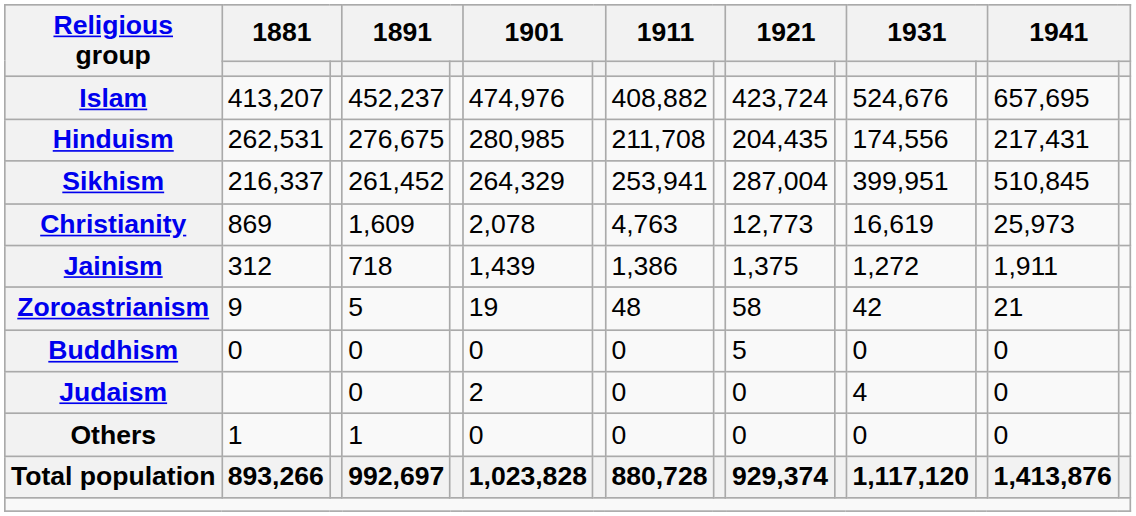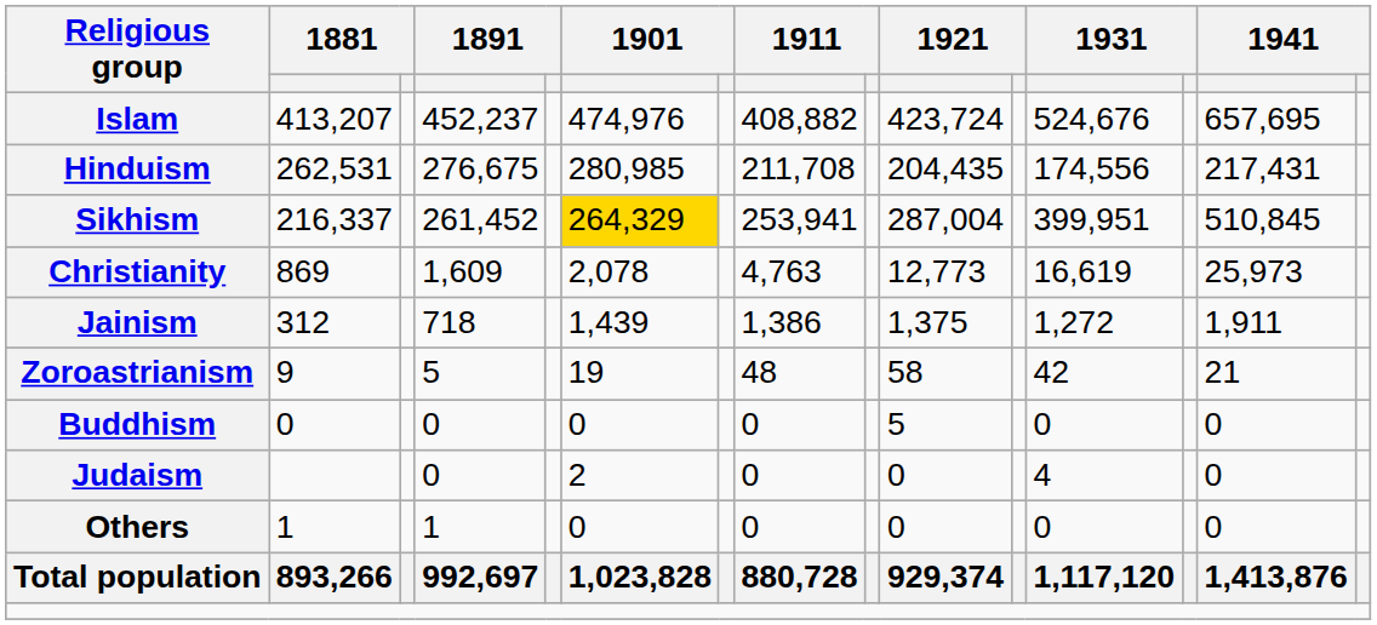 <table class="wikitable sortable">
 <tr>
 <th rowspan="2"><a href='#'>Religious</a><br>group</th>
 <th colspan="2">1881</th>
 <th colspan="2">1891</th>
 <th colspan="2">1901</th>
 <th colspan="2">1911</th>
 <th colspan="2">1921</th>
 <th colspan="2">1931</th>
 <th colspan="2">1941</th>
 </tr>
 <tr>
 <th><a href='#'></a></th>
 <th></th>
 <th></th>
 <th></th>
 <th></th>
 <th></th>
 <th></th>
 <th></th>
 <th></th>
 <th></th>
 <th></th>
 <th></th>
 <th></th>
 <th></th>
 </tr>
 <tr>
 <th><a href='#'>Islam</a> </th>
 <td>413,207</td>
 <td></td>
 <td>452,237</td>
 <td></td>
 <td>474,976</td>
 <td></td>
 <td>408,882</td>
 <td></td>
 <td>423,724</td>
 <td></td>
 <td>524,676</td>
 <td></td>
 <td>657,695</td>
 <td></td>
 </tr>
 <tr>
 <th><a href='#'>Hinduism</a> </th>
 <td>262,531</td>
 <td></td>
 <td>276,675</td>
 <td></td>
 <td>280,985</td>
 <td></td>
 <td>211,708</td>
 <td></td>
 <td>204,435</td>
 <td></td>
 <td>174,556</td>
 <td></td>
 <td>217,431</td>
 <td></td>
 </tr>
 <tr>
 <th><a href='#'>Sikhism</a> </th>
 <td>216,337</td>
 <td></td>
 <td>261,452</td>
 <td></td>
-<td>264,329</td>
+<td style="background: gold;">264,329</td>
 <td></td>
 <td>253,941</td>
 <td></td>
 <td>287,004</td>
 <td></td>
 <td>399,951</td>
 <td></td>
 <td>510,845</td>
 <td></td>
 </tr>
 <tr>
 <th><a href='#'>Christianity</a> </th>
 <td>869</td>
 <td></td>
 <td>1,609</td>
 <td></td>
 <td>2,078</td>
 <td></td>
 <td>4,763</td>
 <td></td>
 <td>12,773</td>
 <td></td>
 <td>16,619</td>
 <td></td>
 <td>25,973</td>
 <td></td>
 </tr>
 <tr>
 <th><a href='#'>Jainism</a> </th>
 <td>312</td>
 <td></td>
 <td>718</td>
 <td></td>
 <td>1,439</td>
 <td></td>
 <td>1,386</td>
 <td></td>
 <td>1,375</td>
 <td></td>
 <td>1,272</td>
 <td></td>
 <td>1,911</td>
 <td></td>
 </tr>
 <tr>
 <th><a href='#'>Zoroastrianism</a> </th>
 <td>9</td>
 <td></td>
 <td>5</td>
 <td></td>
 <td>19</td>
 <td></td>
 <td>48</td>
 <td></td>
 <td>58</td>
 <td></td>
 <td>42</td>
 <td></td>
 <td>21</td>
 <td></td>
 </tr>
 <tr>
 <th><a href='#'>Buddhism</a> </th>
 <td>0</td>
 <td></td>
 <td>0</td>
 <td></td>
 <td>0</td>
 <td></td>
 <td>0</td>
 <td></td>
 <td>5</td>
 <td></td>
 <td>0</td>
 <td></td>
 <td>0</td>
 <td></td>
 </tr>
 <tr>
 <th><a href='#'>Judaism</a> </th>
 <td></td>
 <td></td>
 <td>0</td>
 <td></td>
 <td>2</td>
 <td></td>
 <td>0</td>
 <td></td>
 <td>0</td>
 <td></td>
 <td>4</td>
 <td></td>
 <td>0</td>
 <td></td>
 </tr>
 <tr>
 <th>Others</th>
 <td>1</td>
 <td></td>
 <td>1</td>
 <td></td>
 <td>0</td>
 <td></td>
 <td>0</td>
 <td></td>
 <td>0</td>
 <td></td>
 <td>0</td>
 <td></td>
 <td>0</td>
 <td></td>
 </tr>
 <tr>
 <th>Total population</th>
 <th>893,266</th>
 <th></th>
 <th>992,697</th>
 <th></th>
 <th>1,023,828</th>
 <th></th>
 <th>880,728</th>
 <th></th>
 <th>929,374</th>
 <th></th>
 <th>1,117,120</th>
 <th></th>
 <th>1,413,876</th>
 <th></th>
 </tr>
 <tr class="sortbottom">
 <td colspan="15"></td>
 </tr>
 </table>
